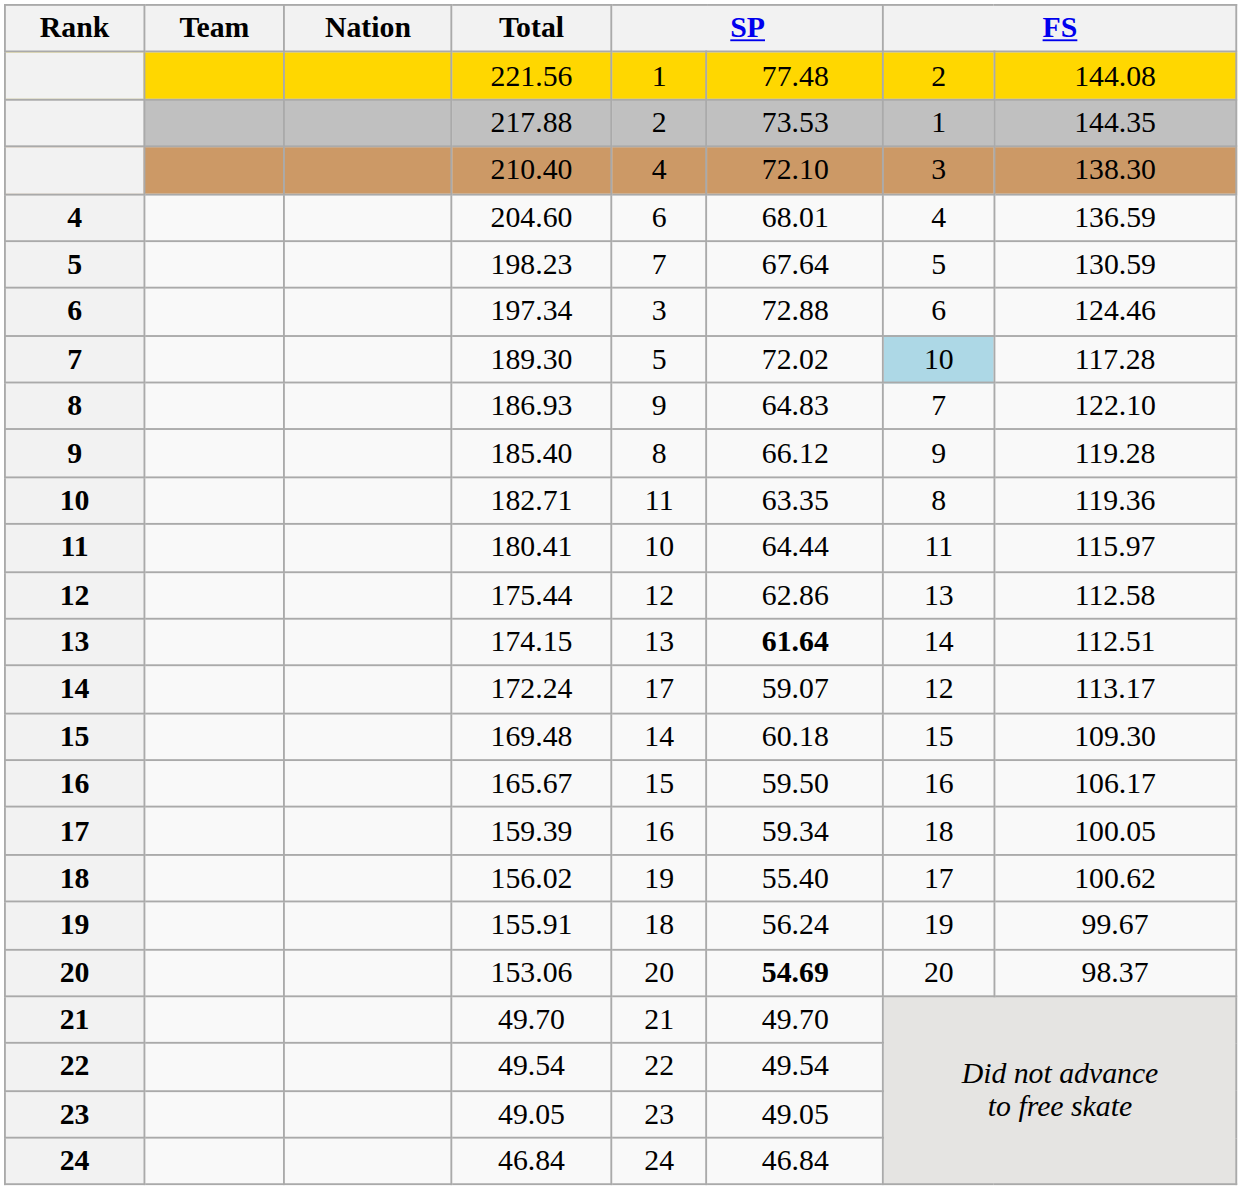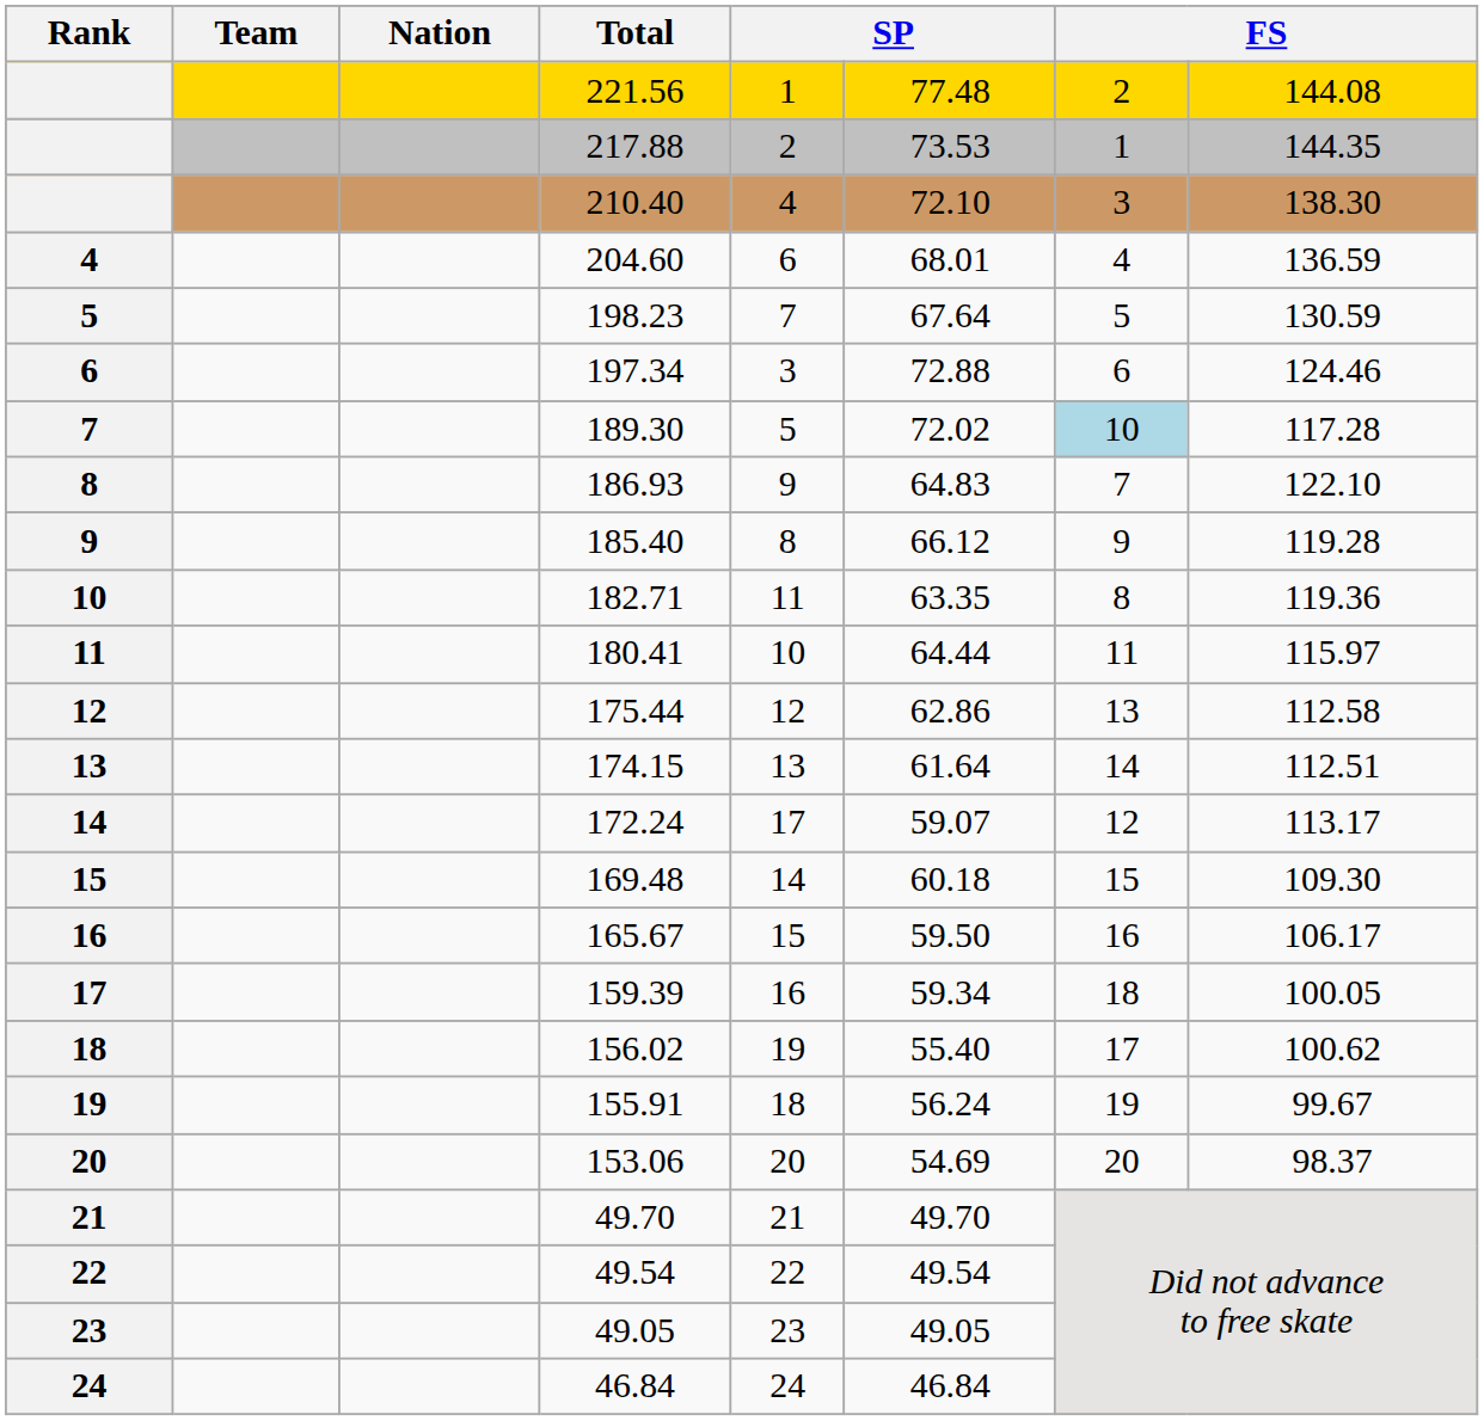 <table class="wikitable sortable" style="text-align:center; width:75%">
 <tr>
 <th scope="col">Rank</th>
 <th scope="col">Team</th>
 <th scope="col">Nation</th>
 <th scope="col">Total</th>
 <th colspan="2" width="80px"><a href='#'>SP</a></th>
 <th colspan="2" width="80px"><a href='#'>FS</a></th>
 </tr>
 <tr bgcolor="gold">
 <th scope="row"></th>
 <td align="left"></td>
 <td align="left"></td>
 <td>221.56</td>
 <td>1</td>
 <td>77.48</td>
 <td>2</td>
 <td>144.08</td>
 </tr>
 <tr bgcolor="silver">
 <th scope="row"></th>
 <td align="left"></td>
 <td align="left"></td>
 <td>217.88</td>
 <td>2</td>
 <td>73.53</td>
 <td>1</td>
 <td>144.35</td>
 </tr>
 <tr bgcolor="#cc9966">
 <th scope="row"></th>
 <td align="left"></td>
 <td align="left"></td>
 <td>210.40</td>
 <td>4</td>
 <td>72.10</td>
 <td>3</td>
 <td>138.30</td>
 </tr>
 <tr>
 <th scope="row">4</th>
 <td align="left"></td>
 <td align="left"></td>
 <td>204.60</td>
 <td>6</td>
 <td>68.01</td>
 <td>4</td>
 <td>136.59</td>
 </tr>
 <tr>
 <th scope="row">5</th>
 <td align="left"></td>
 <td align="left"></td>
 <td>198.23</td>
 <td>7</td>
 <td>67.64</td>
 <td>5</td>
 <td>130.59</td>
 </tr>
 <tr>
 <th scope="row">6</th>
 <td align="left"></td>
 <td align="left"></td>
 <td>197.34</td>
 <td>3</td>
 <td>72.88</td>
 <td>6</td>
 <td>124.46</td>
 </tr>
 <tr>
 <th scope="row">7</th>
 <td align="left"></td>
 <td align="left"></td>
 <td>189.30</td>
 <td>5</td>
 <td>72.02</td>
 <td style="background: lightblue;">10</td>
 <td>117.28</td>
 </tr>
 <tr>
 <th scope="row">8</th>
 <td align="left"></td>
 <td align="left"></td>
 <td>186.93</td>
 <td>9</td>
 <td>64.83</td>
 <td>7</td>
 <td>122.10</td>
 </tr>
 <tr>
 <th scope="row">9</th>
 <td align="left"></td>
 <td align="left"></td>
 <td>185.40</td>
 <td>8</td>
 <td>66.12</td>
 <td>9</td>
 <td>119.28</td>
 </tr>
 <tr>
 <th scope="row">10</th>
 <td align="left"></td>
 <td align="left"></td>
 <td>182.71</td>
 <td>11</td>
 <td>63.35</td>
 <td>8</td>
 <td>119.36</td>
 </tr>
 <tr>
 <th scope="row">11</th>
 <td align="left"></td>
 <td align="left"></td>
 <td>180.41</td>
 <td>10</td>
 <td>64.44</td>
 <td>11</td>
 <td>115.97</td>
 </tr>
 <tr>
 <th scope="row">12</th>
 <td align="left"></td>
 <td align="left"></td>
 <td>175.44</td>
 <td>12</td>
 <td>62.86</td>
 <td>13</td>
 <td>112.58</td>
 </tr>
 <tr>
 <th scope="row">13</th>
 <td align="left"></td>
 <td align="left"></td>
 <td>174.15</td>
 <td>13</td>
-<td><strong>61.64</strong></td>
+<td>61.64</td>
 <td>14</td>
 <td>112.51</td>
 </tr>
 <tr>
 <th scope="row">14</th>
 <td align="left"></td>
 <td align="left"></td>
 <td>172.24</td>
 <td>17</td>
 <td>59.07</td>
 <td>12</td>
 <td>113.17</td>
 </tr>
 <tr>
 <th scope="row">15</th>
 <td align="left"></td>
 <td align="left"></td>
 <td>169.48</td>
 <td>14</td>
 <td>60.18</td>
 <td>15</td>
 <td>109.30</td>
 </tr>
 <tr>
 <th scope="row">16</th>
 <td align="left"></td>
 <td align="left"></td>
 <td>165.67</td>
 <td>15</td>
 <td>59.50</td>
 <td>16</td>
 <td>106.17</td>
 </tr>
 <tr>
 <th scope="row">17</th>
 <td align="left"></td>
 <td align="left"></td>
 <td>159.39</td>
 <td>16</td>
 <td>59.34</td>
 <td>18</td>
 <td>100.05</td>
 </tr>
 <tr>
 <th scope="row">18</th>
 <td align="left"></td>
 <td align="left"></td>
 <td>156.02</td>
 <td>19</td>
 <td>55.40</td>
 <td>17</td>
 <td>100.62</td>
 </tr>
 <tr>
 <th scope="row">19</th>
 <td align="left"></td>
 <td align="left"></td>
 <td>155.91</td>
 <td>18</td>
 <td>56.24</td>
 <td>19</td>
 <td>99.67</td>
 </tr>
 <tr>
 <th scope="row">20</th>
 <td align="left"></td>
 <td align="left"></td>
 <td>153.06</td>
 <td>20</td>
-<td><strong>54.69</strong></td>
+<td>54.69</td>
 <td>20</td>
 <td>98.37</td>
 </tr>
 <tr>
 <th scope="row">21</th>
 <td align="left"></td>
 <td align="left"></td>
 <td>49.70</td>
 <td>21</td>
 <td>49.70</td>
 <td colspan="2" rowspan="4" align="center" bgcolor="e5e4e2"><em>Did not advance<br>to free skate</em></td>
 </tr>
 <tr>
 <th scope="row">22</th>
 <td align="left"></td>
 <td align="left"></td>
 <td>49.54</td>
 <td>22</td>
 <td>49.54</td>
 </tr>
 <tr>
 <th scope="row">23</th>
 <td align="left"></td>
 <td align="left"></td>
 <td>49.05</td>
 <td>23</td>
 <td>49.05</td>
 </tr>
 <tr>
 <th scope="row">24</th>
 <td align="left"></td>
 <td align="left"></td>
 <td>46.84</td>
 <td>24</td>
 <td>46.84</td>
 </tr>
 </table>
